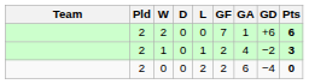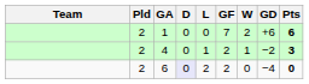 <table class="wikitable" style="text-align: center;">
 <tr>
 <th width=165>Team</th>
 <th width=20>Pld</th>
-<th width=20>W</th>
+<th width=20>GA</th>
 <th width=20>D</th>
 <th width=20>L</th>
 <th width=20>GF</th>
-<th width=20>GA</th>
+<th width=20>W</th>
 <th width=20>GD</th>
 <th width=20>Pts</th>
 </tr>
 <tr bgcolor=ccffcc>
 <td style="text-align:left;"></td>
 <td>2</td>
-<td>2</td>
+<td>1</td>
 <td>0</td>
 <td>0</td>
 <td>7</td>
-<td>1</td>
+<td>2</td>
 <td>+6</td>
 <td><strong>6</strong></td>
 </tr>
 <tr bgcolor=ccffcc>
 <td style="text-align:left;"></td>
 <td>2</td>
-<td>1</td>
+<td>4</td>
 <td>0</td>
 <td>1</td>
 <td>2</td>
-<td>4</td>
+<td>1</td>
 <td>−2</td>
 <td><strong>3</strong></td>
 </tr>
 <tr>
 <td style="text-align:left;"></td>
 <td>2</td>
-<td>0</td>
-<td>0</td>
+<td>6</td>
+<td style="background: lavender;">0</td>
 <td>2</td>
 <td>2</td>
-<td>6</td>
+<td>0</td>
 <td>−4</td>
 <td><strong>0</strong></td>
 </tr>
 </table>
